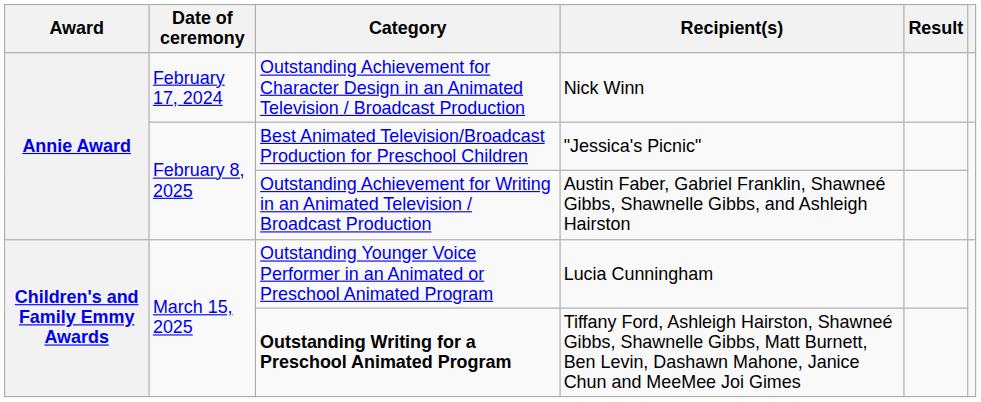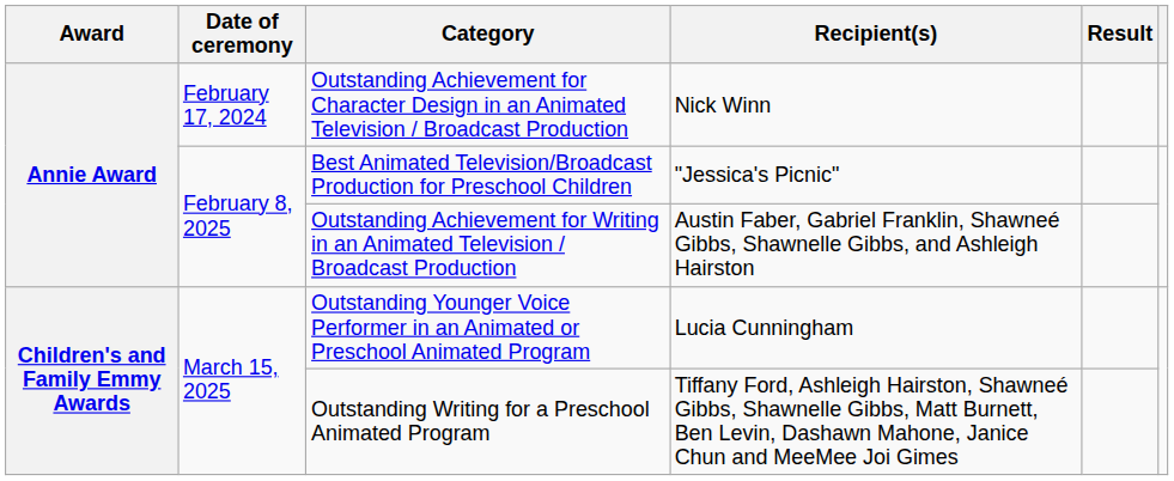 <table class="wikitable sortable plainrowheaders col6center">
 <tr>
 <th scope="col">Award</th>
 <th scope="col">Date of ceremony</th>
 <th scope="col">Category</th>
 <th scope="col">Recipient(s)</th>
 <th scope="col">Result</th>
 <th scope="col" class="unsortable"></th>
 </tr>
 <tr>
 <th rowspan="3" scope="row"><a href='#'>Annie Award</a></th>
 <td><a href='#'>February 17, 2024</a></td>
 <td><a href='#'>Outstanding Achievement for Character Design in an Animated Television / Broadcast Production</a></td>
 <td>Nick Winn </td>
 <td></td>
 <td align="center"></td>
 </tr>
 <tr>
 <td rowspan="2"><a href='#'>February 8, 2025</a></td>
 <td><a href='#'>Best Animated Television/Broadcast Production for Preschool Children</a></td>
 <td>"Jessica's Picnic"</td>
 <td></td>
 <td align="center" rowspan="2"></td>
 </tr>
 <tr>
 <td><a href='#'>Outstanding Achievement for Writing in an Animated Television / Broadcast Production</a></td>
 <td>Austin Faber, Gabriel Franklin, Shawneé Gibbs, Shawnelle Gibbs, and Ashleigh Hairston </td>
 <td></td>
 </tr>
 <tr>
 <th rowspan="2" scope="row"><a href='#'>Children's and Family Emmy Awards</a></th>
 <td rowspan="2"><a href='#'>March 15, 2025</a></td>
 <td><a href='#'>Outstanding Younger Voice Performer in an Animated or Preschool Animated Program</a></td>
 <td>Lucia Cunningham</td>
 <td></td>
 <td align="center" rowspan="2"></td>
 </tr>
 <tr>
-<td><strong>Outstanding Writing for a Preschool Animated Program</strong></td>
+<td>Outstanding Writing for a Preschool Animated Program</td>
 <td>Tiffany Ford, Ashleigh Hairston, Shawneé Gibbs, Shawnelle Gibbs, Matt Burnett, Ben Levin, Dashawn Mahone, Janice Chun and MeeMee Joi Gimes </td>
 <td></td>
 </tr>
 </table>
